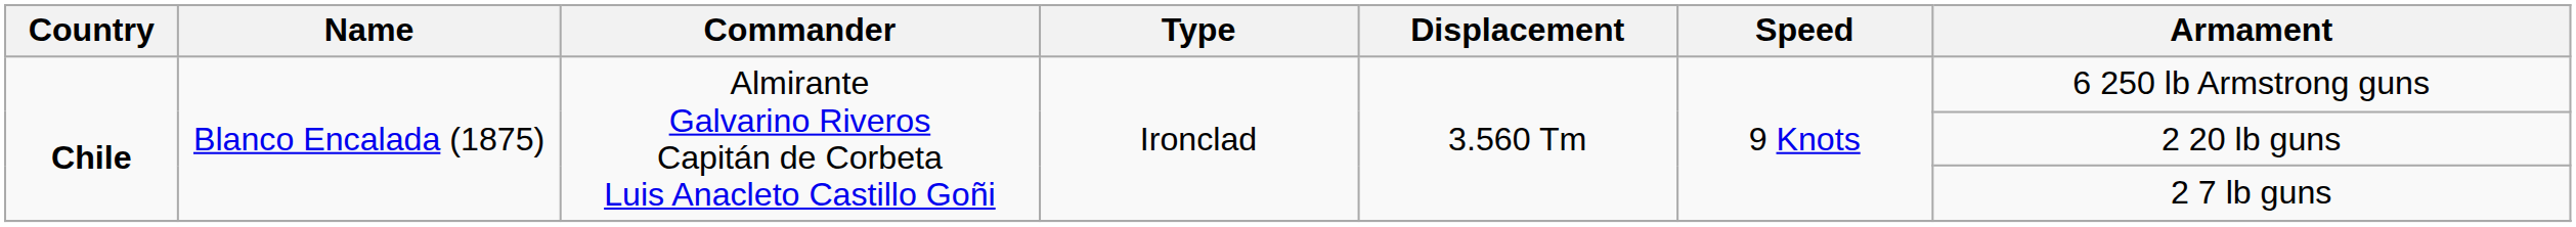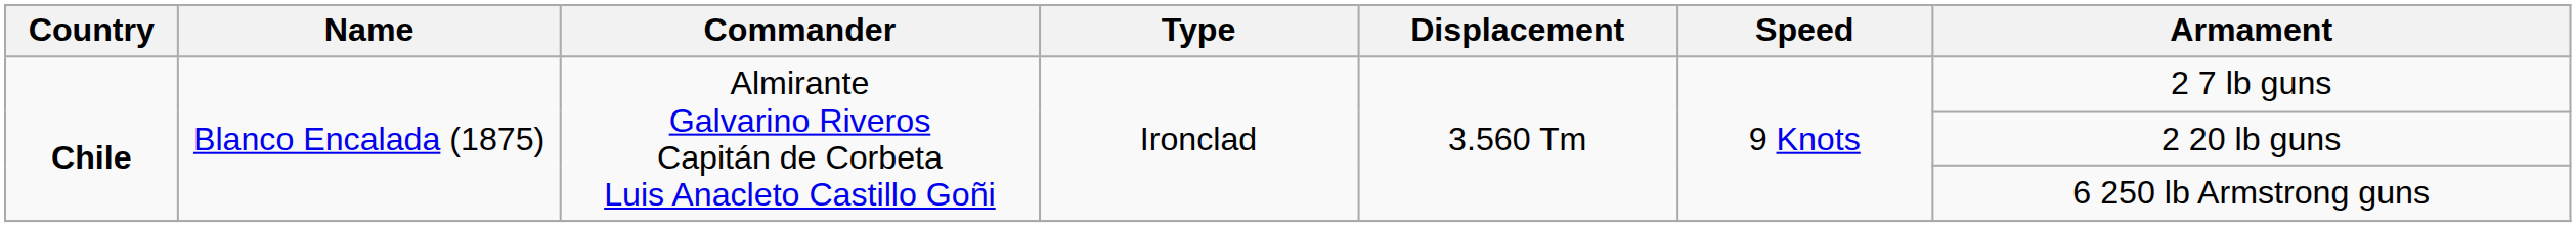 <table class="wikitable" border="1">
 <tr>
 <th width="5%">Country</th>
 <th width="12%">Name</th>
 <th width="15%">Commander</th>
 <th width="10%">Type</th>
 <th width="10%">Displacement</th>
 <th width="8%">Speed</th>
 <th width="20%">Armament</th>
 </tr>
 <tr>
 <td align="center" rowspan="3"><br><strong>Chile</strong></td>
 <td align="center" rowspan="3"><a href='#'>Blanco Encalada</a> (1875)</td>
 <td align="center" rowspan="3">Almirante<br><a href='#'>Galvarino Riveros</a> <br>Capitán de Corbeta <br><a href='#'>Luis Anacleto Castillo Goñi</a></td>
 <td align="center" rowspan="3">Ironclad</td>
 <td align="center" rowspan="3">3.560 Tm</td>
 <td align="center" rowspan="3">9 <a href='#'>Knots</a></td>
-<td align="center">6 250 lb Armstrong guns</td>
+<td align="center">2 7 lb guns</td>
 </tr>
 <tr>
 <td align="center">2 20 lb guns</td>
 </tr>
 <tr>
-<td align="center">2 7 lb guns</td>
+<td align="center">6 250 lb Armstrong guns</td>
 </tr>
 <tr>
 </tr>
 </table>
